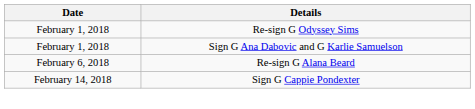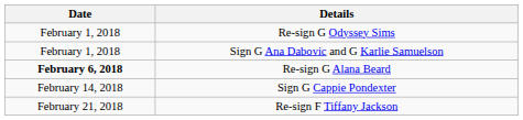 <table class="wikitable" style="width:80%; text-align: center">
 <tr>
 <th>Date</th>
 <th>Details</th>
 </tr>
 <tr>
 <td>February 1, 2018</td>
 <td>Re-sign G <a href='#'>Odyssey Sims</a></td>
 </tr>
 <tr>
 <td>February 1, 2018</td>
 <td>Sign G <a href='#'>Ana Dabovic</a> and G <a href='#'>Karlie Samuelson</a></td>
 </tr>
 <tr>
-<td>February 6, 2018</td>
+<td><strong>February 6, 2018</strong></td>
 <td>Re-sign G <a href='#'>Alana Beard</a></td>
 </tr>
 <tr>
 <td>February 14, 2018</td>
 <td>Sign G <a href='#'>Cappie Pondexter</a></td>
 </tr>
+<tr>
+<td>February 21, 2018</td>
+<td>Re-sign F <a href='#'>Tiffany Jackson</a></td>
+</tr>
 </table>
